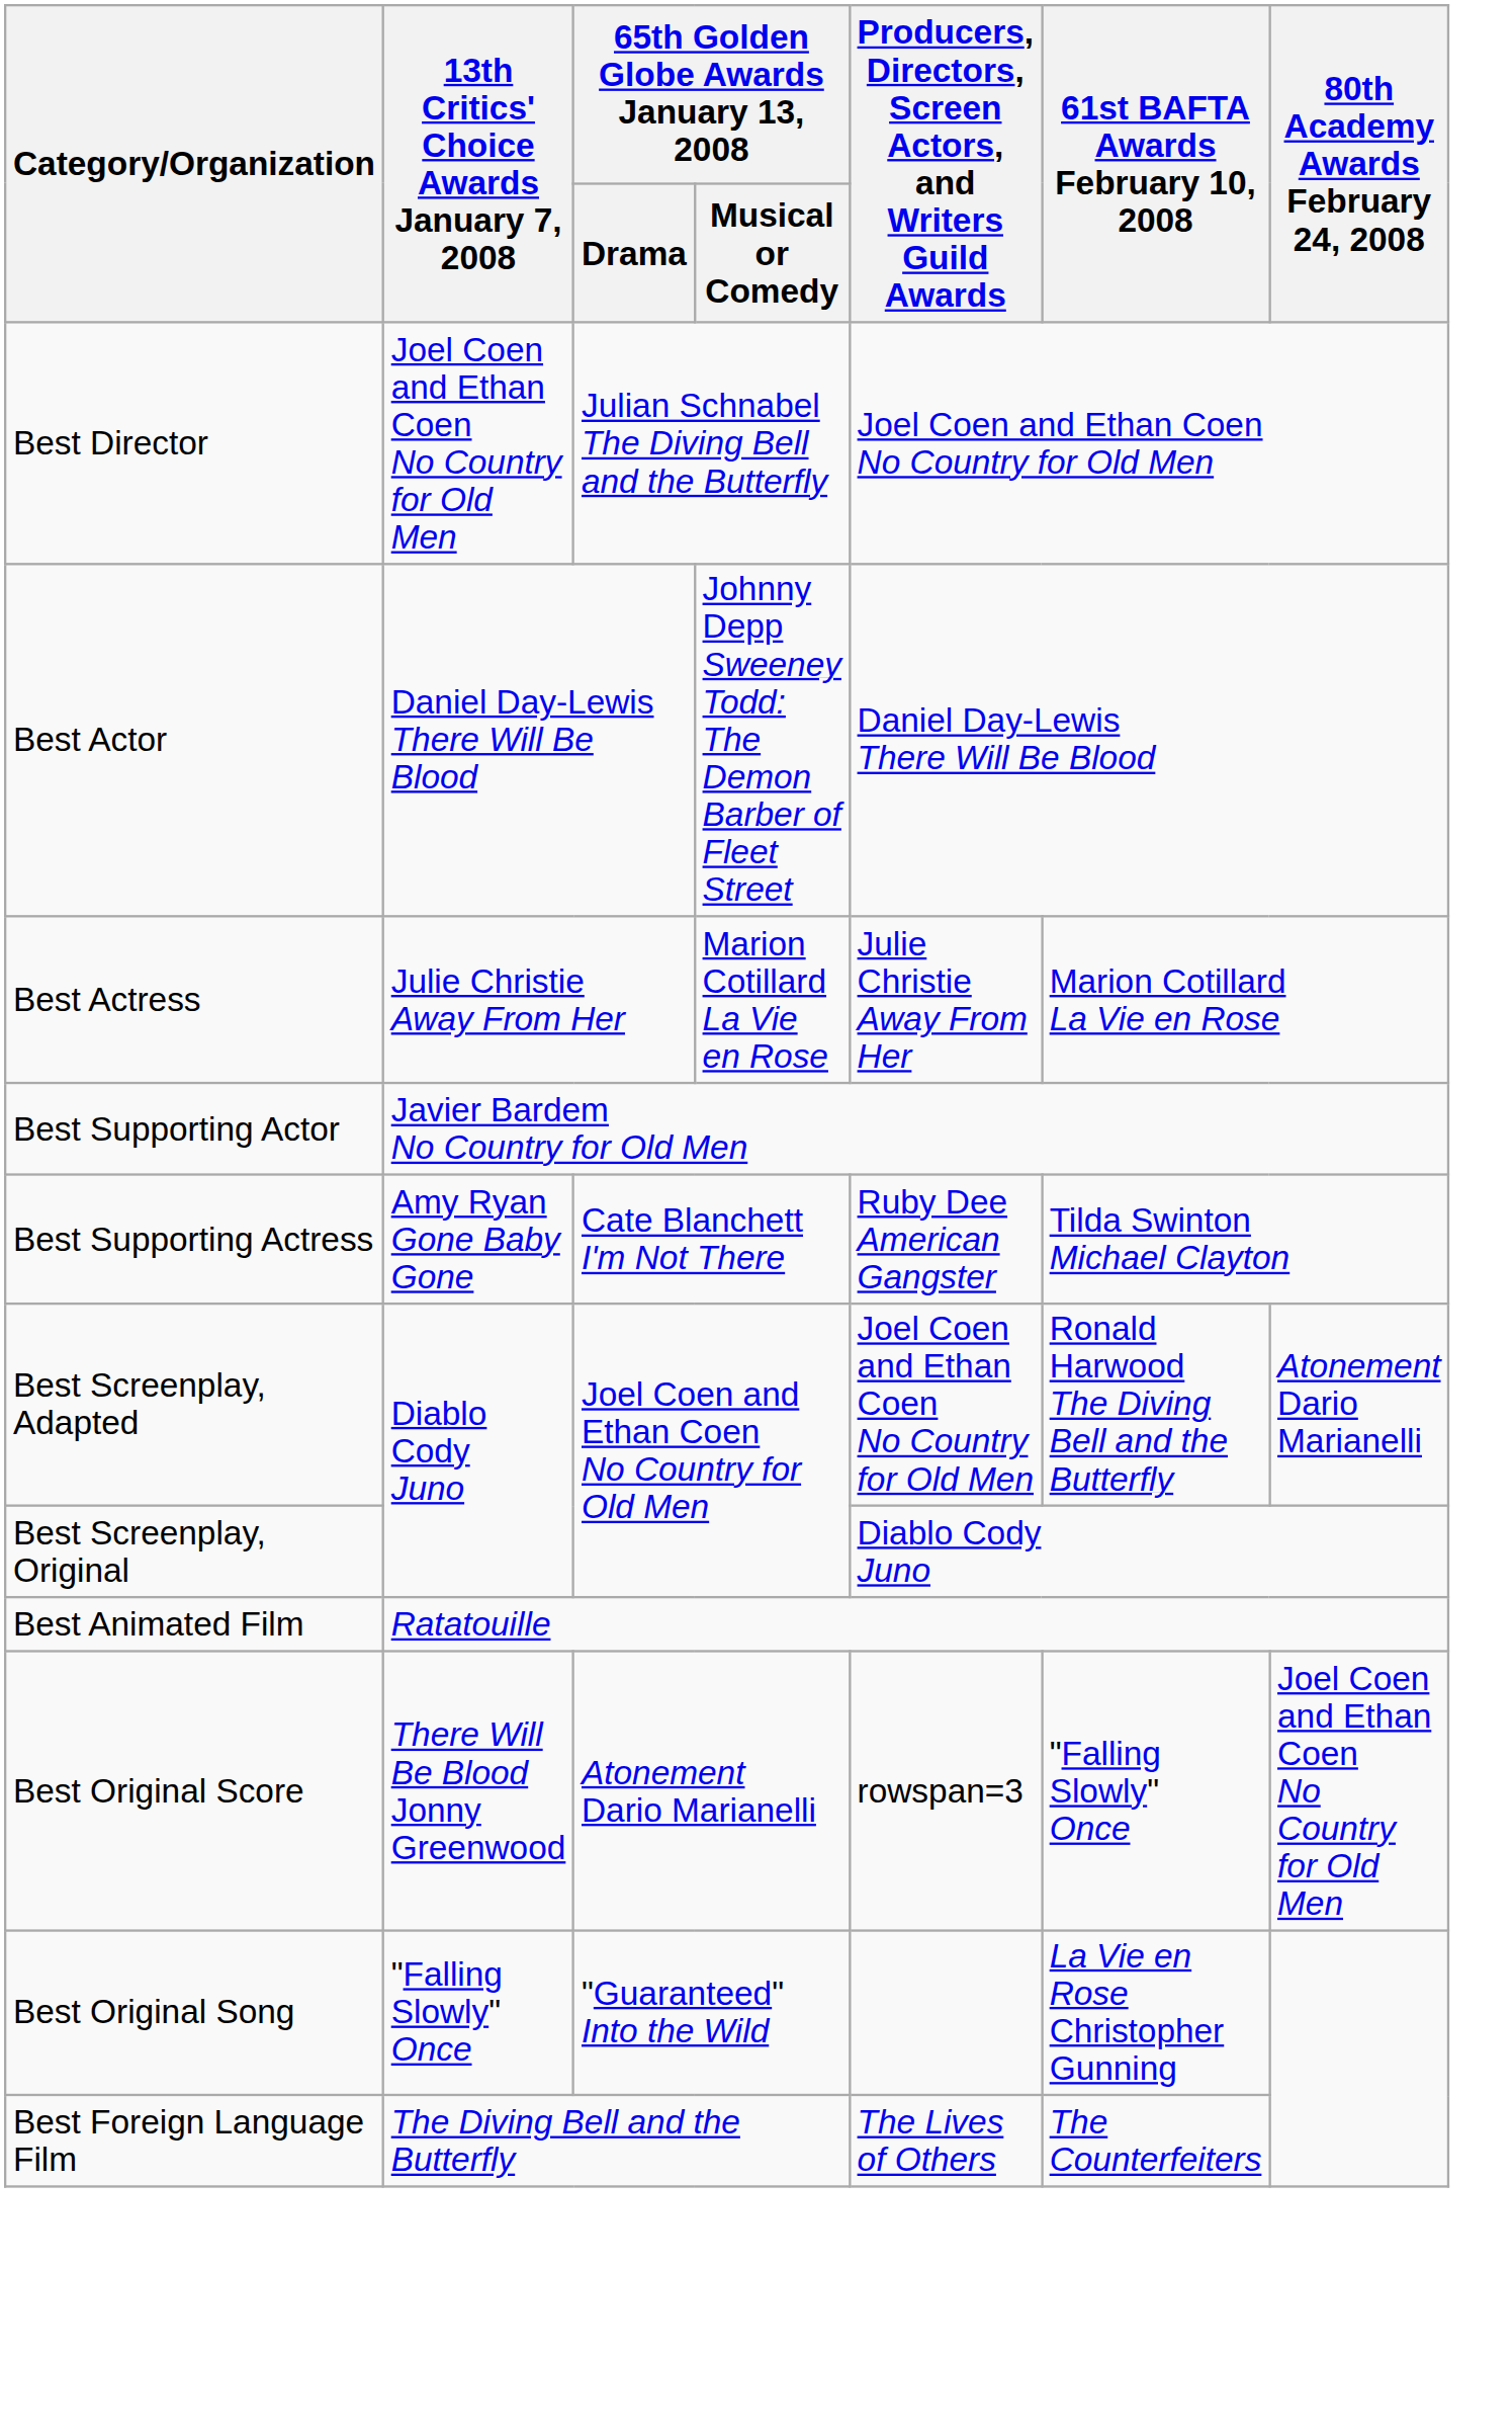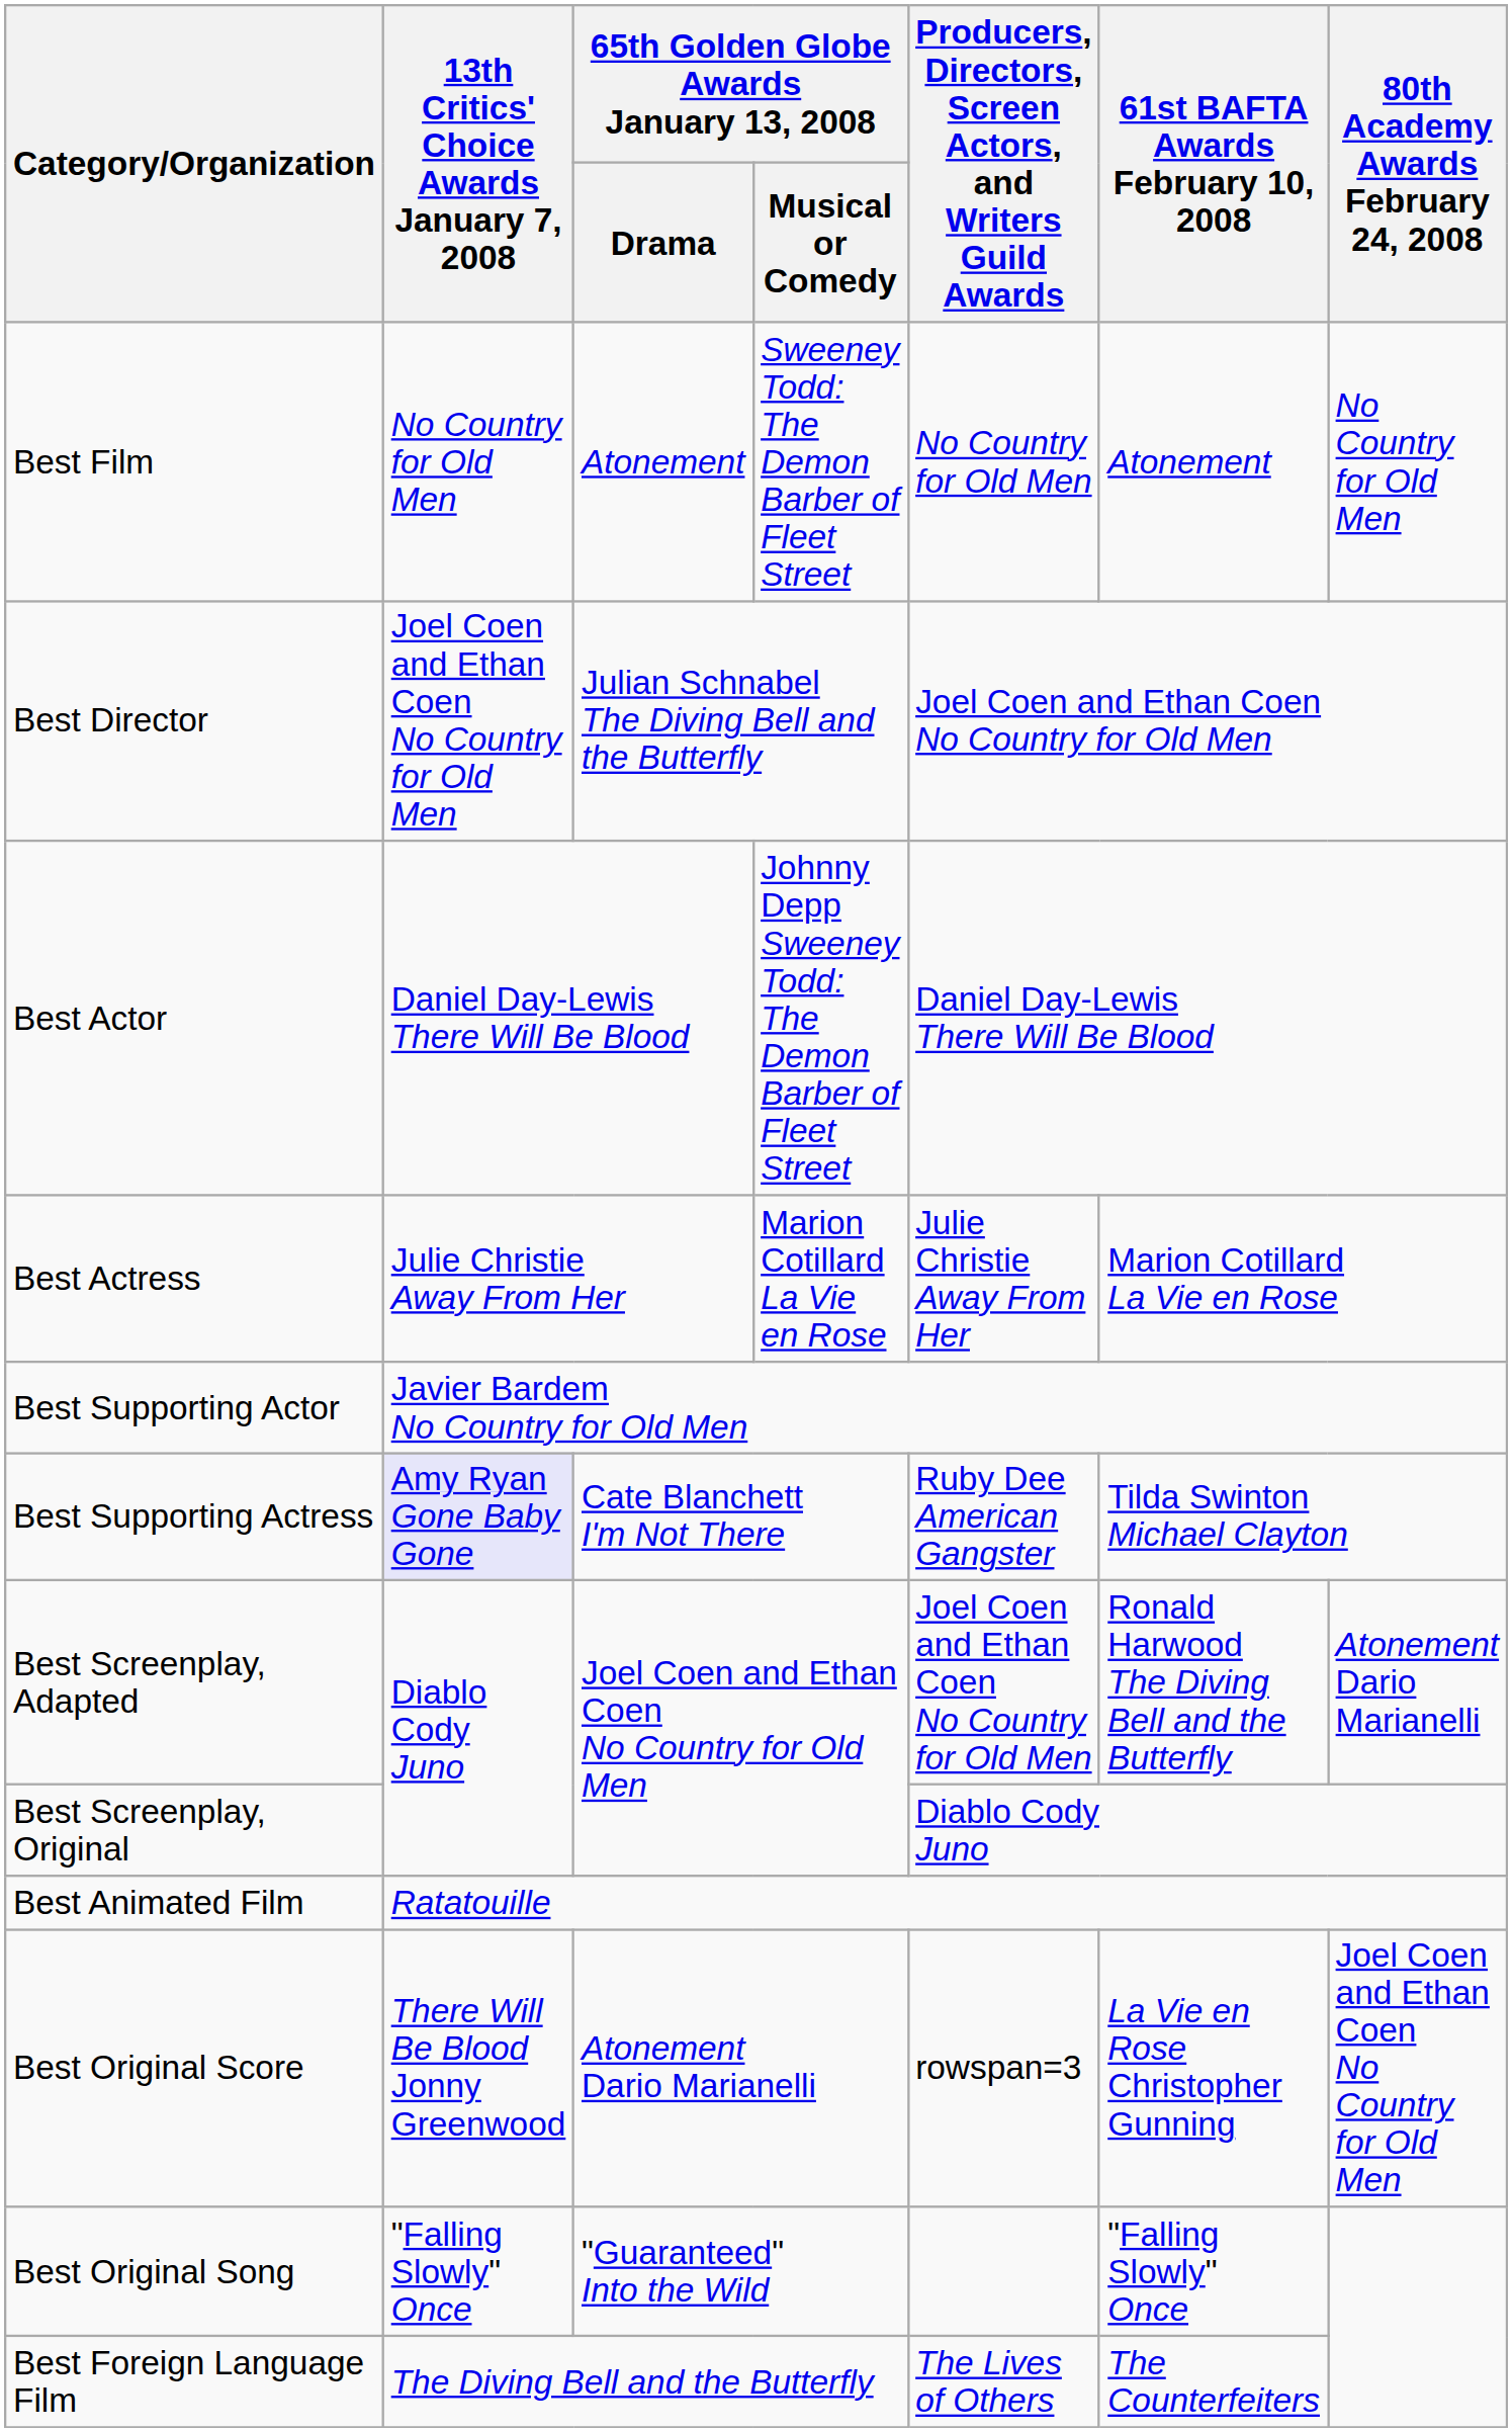 <table class="wikitable" style="font-size: 90%;">
 <tr>
 <th rowspan=2 width=20>Category/Organization</th>
 <th rowspan=2 width=250><a href='#'>13th Critics' Choice Awards</a><br> January 7, 2008</th>
 <th colspan=2 width=250><a href='#'>65th Golden Globe Awards</a><br>January 13, 2008</th>
 <th rowspan=2 width=250><a href='#'>Producers</a>, <a href='#'>Directors</a>, <a href='#'>Screen Actors</a>, and <a href='#'>Writers Guild Awards</a></th>
 <th rowspan=2 width=250><a href='#'>61st BAFTA Awards</a><br>February 10, 2008</th>
 <th rowspan=2 width=250><a href='#'>80th Academy Awards</a><br>February 24, 2008</th>
 </tr>
 <tr>
 <th width=200>Drama</th>
 <th width=200>Musical or Comedy</th>
+</tr>
+<tr>
+<td>Best Film</td>
+<td><em><a href='#'>No Country for Old Men</a></em></td>
+<td><em><a href='#'>Atonement</a></em></td>
+<td><em><a href='#'>Sweeney Todd: The Demon Barber of Fleet Street</a></em></td>
+<td><em><a href='#'>No Country for Old Men</a></em></td>
+<td><em><a href='#'>Atonement</a></em></td>
+<td><em><a href='#'>No Country for Old Men</a></em></td>
 </tr>
 <tr>
 <td>Best Director</td>
 <td><a href='#'>Joel Coen and Ethan Coen</a><br><em><a href='#'>No Country for Old Men</a></em></td>
 <td colspan="2"><a href='#'>Julian Schnabel</a><br><em><a href='#'>The Diving Bell and the Butterfly</a></em></td>
 <td colspan="3"><a href='#'>Joel Coen and Ethan Coen</a><br><em><a href='#'>No Country for Old Men</a></em></td>
 </tr>
 <tr>
 <td>Best Actor</td>
 <td colspan="2"><a href='#'>Daniel Day-Lewis</a><br><em><a href='#'>There Will Be Blood</a></em></td>
 <td><a href='#'>Johnny Depp</a><br><em><a href='#'>Sweeney Todd: The Demon Barber of Fleet Street</a></em></td>
 <td colspan="3"><a href='#'>Daniel Day-Lewis</a><br><em><a href='#'>There Will Be Blood</a></em></td>
 </tr>
 <tr>
 <td>Best Actress</td>
 <td colspan="2"><a href='#'>Julie Christie</a><br><em><a href='#'>Away From Her</a></em></td>
 <td><a href='#'>Marion Cotillard</a><br><em><a href='#'>La Vie en Rose</a></em></td>
 <td><a href='#'>Julie Christie</a><br><em><a href='#'>Away From Her</a></em></td>
 <td colspan="2"><a href='#'>Marion Cotillard</a><br><em><a href='#'>La Vie en Rose</a></em></td>
 </tr>
 <tr>
 <td>Best Supporting Actor</td>
 <td colspan="6"><a href='#'>Javier Bardem</a><br><em><a href='#'>No Country for Old Men</a></em></td>
 </tr>
 <tr>
 <td>Best Supporting Actress</td>
-<td><a href='#'>Amy Ryan</a><br><em><a href='#'>Gone Baby Gone</a></em></td>
+<td style="background: lavender;"><a href='#'>Amy Ryan</a><br><em><a href='#'>Gone Baby Gone</a></em></td>
 <td colspan="2"><a href='#'>Cate Blanchett</a><br><em><a href='#'>I'm Not There</a></em></td>
 <td><a href='#'>Ruby Dee</a><br><em><a href='#'>American Gangster</a></em></td>
 <td colspan="2"><a href='#'>Tilda Swinton</a><br><em><a href='#'>Michael Clayton</a></em></td>
 </tr>
 <tr>
 <td>Best Screenplay, Adapted</td>
 <td rowspan="2"><a href='#'>Diablo Cody</a><br><em><a href='#'>Juno</a></em></td>
 <td rowspan="2" colspan="2"><a href='#'>Joel Coen and Ethan Coen</a><br><em><a href='#'>No Country for Old Men</a></em></td>
 <td><a href='#'>Joel Coen and Ethan Coen</a><br><em><a href='#'>No Country for Old Men</a></em></td>
 <td><a href='#'>Ronald Harwood</a><br><em><a href='#'>The Diving Bell and the Butterfly</a></em></td>
 <td><em><a href='#'>Atonement</a></em><br><a href='#'>Dario Marianelli</a></td>
 </tr>
 <tr>
 <td>Best Screenplay, Original</td>
 <td colspan="3"><a href='#'>Diablo Cody</a><br><em><a href='#'>Juno</a></em></td>
 </tr>
 <tr>
 <td>Best Animated Film</td>
 <td colspan="6"><em><a href='#'>Ratatouille</a></em></td>
 </tr>
 <tr>
 <td>Best Original Score</td>
 <td><em><a href='#'>There Will Be Blood</a></em><br><a href='#'>Jonny Greenwood</a></td>
 <td colspan="2"><em><a href='#'>Atonement</a></em><br><a href='#'>Dario Marianelli</a></td>
 <td>rowspan=3 </td>
-<td>"<a href='#'>Falling Slowly</a>"<br><em><a href='#'>Once</a></em></td>
+<td><em><a href='#'>La Vie en Rose</a></em><br><a href='#'>Christopher Gunning</a></td>
 <td><a href='#'>Joel Coen and Ethan Coen</a><br><em><a href='#'>No Country for Old Men</a></em></td>
 </tr>
 <tr>
 <td>Best Original Song</td>
 <td>"<a href='#'>Falling Slowly</a>"<br><em><a href='#'>Once</a></em></td>
 <td colspan="2">"<a href='#'>Guaranteed</a>"<br><em><a href='#'>Into the Wild</a></em></td>
 <td></td>
-<td><em><a href='#'>La Vie en Rose</a></em><br><a href='#'>Christopher Gunning</a></td>
+<td>"<a href='#'>Falling Slowly</a>"<br><em><a href='#'>Once</a></em></td>
 </tr>
 <tr>
 <td>Best Foreign Language Film</td>
 <td colspan="3"><em><a href='#'>The Diving Bell and the Butterfly</a></em></td>
 <td><em><a href='#'>The Lives of Others</a></em></td>
 <td><em><a href='#'>The Counterfeiters</a></em></td>
 </tr>
 </table>
